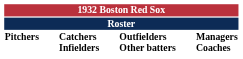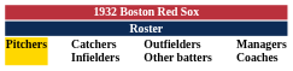 <table class="toccolours" style="text-align: left;">
 <tr>
 <th colspan="10" style="background-color: #ba313c; color: white; text-align: center;">1932 Boston Red Sox</th>
 </tr>
 <tr>
 <td colspan="10" style="background-color: #0d2b56; color: white; text-align: center;"><strong>Roster</strong></td>
 </tr>
 <tr>
-<td valign="top"><strong>Pitchers</strong><br>                 </td>
+<td valign="top" style="background: gold;"><strong>Pitchers</strong><br>                 </td>
 <td width="25px"></td>
 <td valign="top"><strong>Catchers</strong><br>     <strong>Infielders</strong>         </td>
 <td width="25px"></td>
 <td valign="top"><strong>Outfielders</strong><br>       <strong>Other batters</strong>   </td>
 <td width="25px"></td>
 <td valign="top"><strong>Managers</strong><br>  <strong>Coaches</strong> </td>
 </tr>
 </table>
